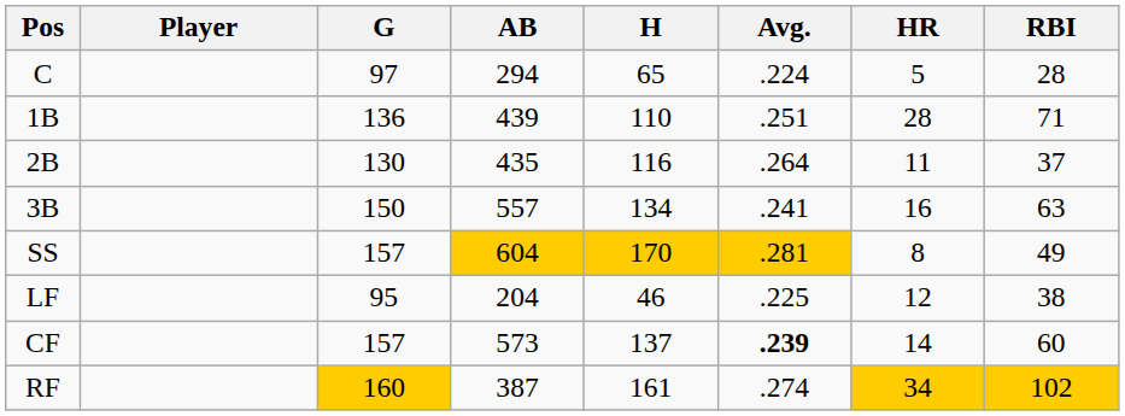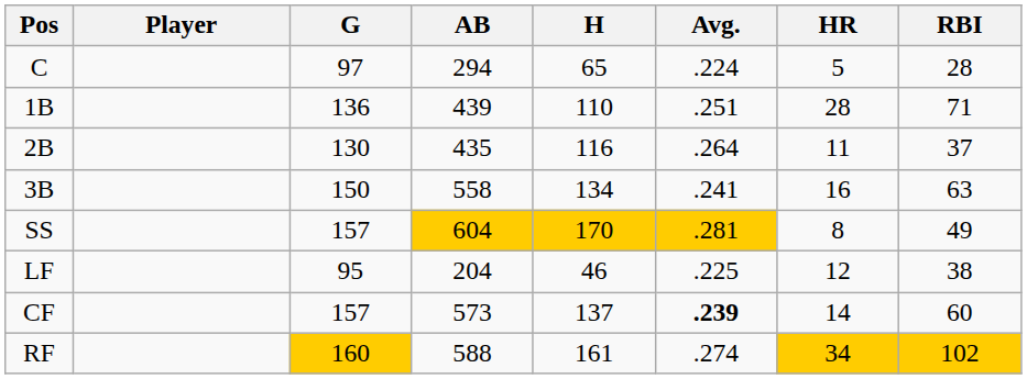 <table class="wikitable sortable">
 <tr>
 <th bgcolor="#DDDDFF" width="5%">Pos</th>
 <th bgcolor="#DDDDFF" width="16%">Player</th>
 <th bgcolor="#DDDDFF" width="9%">G</th>
 <th bgcolor="#DDDDFF" width="9%">AB</th>
 <th bgcolor="#DDDDFF" width="9%">H</th>
 <th bgcolor="#DDDDFF" width="9%">Avg.</th>
 <th bgcolor="#DDDDFF" width="9%">HR</th>
 <th bgcolor="#DDDDFF" width="9%">RBI</th>
 </tr>
 <tr align="center">
 <td>C</td>
 <td></td>
 <td>97</td>
 <td>294</td>
 <td>65</td>
 <td>.224</td>
 <td>5</td>
 <td>28</td>
 </tr>
 <tr align="center">
 <td>1B</td>
 <td></td>
 <td>136</td>
 <td>439</td>
 <td>110</td>
 <td>.251</td>
 <td>28</td>
 <td>71</td>
 </tr>
 <tr align="center">
 <td>2B</td>
 <td></td>
 <td>130</td>
 <td>435</td>
 <td>116</td>
 <td>.264</td>
 <td>11</td>
 <td>37</td>
 </tr>
 <tr align="center">
 <td>3B</td>
 <td></td>
 <td>150</td>
-<td>557</td>
+<td>558</td>
 <td>134</td>
 <td>.241</td>
 <td>16</td>
 <td>63</td>
 </tr>
 <tr align="center">
 <td>SS</td>
 <td></td>
 <td>157</td>
 <td style="background:#fc0;">604</td>
 <td style="background:#fc0;">170</td>
 <td style="background:#fc0;">.281</td>
 <td>8</td>
 <td>49</td>
 </tr>
 <tr align="center">
 <td>LF</td>
 <td></td>
 <td>95</td>
 <td>204</td>
 <td>46</td>
 <td>.225</td>
 <td>12</td>
 <td>38</td>
 </tr>
 <tr align="center">
 <td>CF</td>
 <td></td>
 <td>157</td>
 <td>573</td>
 <td>137</td>
 <td><strong>.239</strong></td>
 <td>14</td>
 <td>60</td>
 </tr>
 <tr align="center">
 <td>RF</td>
 <td></td>
 <td style="background:#fc0;">160</td>
-<td>387</td>
+<td>588</td>
 <td>161</td>
 <td>.274</td>
 <td style="background:#fc0;">34</td>
 <td style="background:#fc0;">102</td>
 </tr>
 </table>
